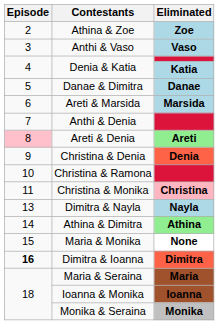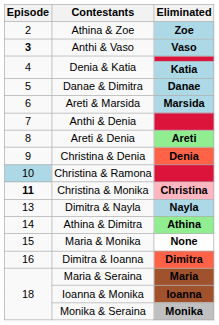 <table class="wikitable" border="2" style="text-align:center">
 <tr>
 <th>Episode</th>
 <th>Contestants</th>
 <th>Eliminated</th>
 </tr>
 <tr>
 <td>2</td>
 <td>Athina & Zoe</td>
 <td style="background:lightblue"><strong>Zoe </strong></td>
 </tr>
 <tr>
-<td>3</td>
+<td><strong>3</strong></td>
 <td>Anthi & Vaso</td>
 <td style="background:lightblue"><strong>Vaso</strong></td>
 </tr>
 <tr>
 <td rowspan=2>4</td>
 <td Rowspan=2>Denia & Katia</td>
 <td style="background:Crimson"><strong></strong></td>
 </tr>
 <tr>
 <td style="background:lightblue"><strong>Katia</strong></td>
 </tr>
 <tr>
 <td>5</td>
 <td>Danae & Dimitra</td>
 <td style="background:lightblue"><strong>Danae</strong></td>
 </tr>
 <tr>
 <td>6</td>
 <td>Areti & Marsida</td>
 <td style="background:lightblue"><strong>Marsida</strong></td>
 </tr>
 <tr>
 <td>7</td>
 <td>Anthi & Denia</td>
 <td style="background:Crimson"><strong></strong></td>
 </tr>
 <tr>
-<td style="background: pink;">8</td>
+<td>8</td>
 <td>Areti & Denia</td>
 <td style="background:lightgreen"><strong>Areti</strong></td>
 </tr>
 <tr>
 <td>9</td>
 <td>Christina & Denia</td>
 <td style="background:Tomato"><strong>Denia</strong></td>
 </tr>
 <tr>
-<td>10</td>
+<td style="background: lightblue;">10</td>
 <td>Christina & Ramona</td>
 <td style="background:Crimson"><strong></strong></td>
 </tr>
 <tr>
-<td>11</td>
+<td><strong>11</strong></td>
 <td>Christina & Monika</td>
 <td style="background:lightpink"><strong>Christina</strong></td>
 </tr>
 <tr>
 <td>13</td>
 <td>Dimitra & Nayla</td>
 <td style="background:lightblue"><strong>Nayla</strong></td>
 </tr>
 <tr>
 <td>14</td>
 <td>Athina & Dimitra</td>
 <td style="background:lightgreen"><strong>Athina</strong></td>
 </tr>
 <tr>
 <td>15</td>
 <td>Maria & Monika</td>
 <td style="background:White"><strong>None</strong></td>
 </tr>
 <tr>
-<td><strong>16</strong></td>
+<td>16</td>
 <td>Dimitra & Ioanna</td>
 <td style="background:tomato"><strong>Dimitra</strong></td>
 </tr>
 <tr>
 <td rowspan=3>18</td>
 <td>Maria & Seraina</td>
 <td style="background:sienna"><strong>Maria</strong></td>
 </tr>
 <tr>
 <td>Ioanna & Monika</td>
 <td style="background:sienna"><strong>Ioanna</strong></td>
 </tr>
 <tr>
 <td>Monika & Seraina</td>
 <td style="background:silver"><strong>Monika</strong></td>
 </tr>
 </table>
